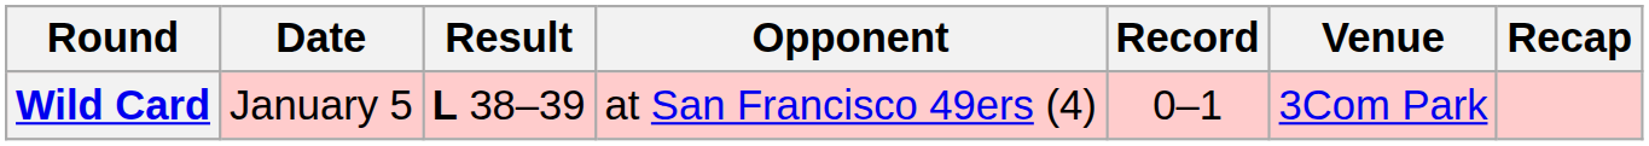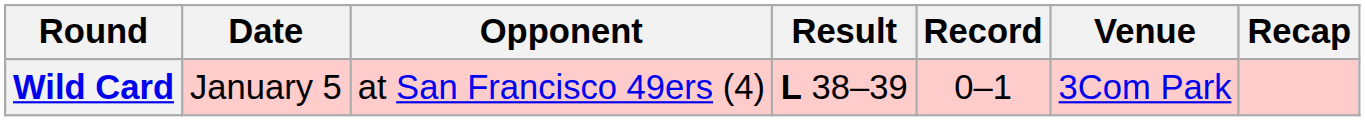 <table class="wikitable" style="text-align:center">
 <tr>
 <th>Round</th>
 <th>Date</th>
+<th>Opponent</th>
 <th>Result</th>
-<th>Opponent</th>
 <th>Record</th>
 <th>Venue</th>
 <th>Recap</th>
 </tr>
 <tr style="background:#fcc">
 <th><a href='#'>Wild Card</a></th>
 <td>January 5</td>
+<td>at <a href='#'>San Francisco 49ers</a> (4)</td>
 <td><strong>L</strong> 38–39</td>
-<td>at <a href='#'>San Francisco 49ers</a> (4)</td>
 <td>0–1</td>
 <td><a href='#'>3Com Park</a></td>
 <td></td>
 </tr>
 </table>
